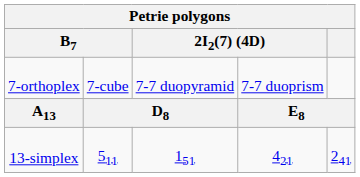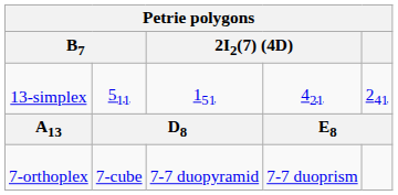 <table class="wikitable collapsible collapsed">
 <tr>
 <th colspan=5>Petrie polygons</th>
 </tr>
 <tr>
 <th colspan=2>B<sub>7</sub></th>
 <th colspan=2>2I<sub>2</sub>(7) (4D)</th>
 <th></th>
 </tr>
 <tr align=center valign=center>
-<td><br><a href='#'>7-orthoplex</a></td>
-<td><br><a href='#'>7-cube</a></td>
-<td><br><a href='#'>7-7 duopyramid</a></td>
-<td><br><a href='#'>7-7 duoprism</a></td>
-<td></td>
+<td><br><a href='#'>13-simplex</a></td>
+<td><br><a href='#'>5<sub>11</sub></a></td>
+<td><br><a href='#'>1<sub>51</sub></a></td>
+<td><br><a href='#'>4<sub>21</sub></a></td>
+<td><br><a href='#'>2<sub>41</sub></a></td>
 </tr>
 <tr>
 <th>A<sub>13</sub></th>
 <th colspan=2>D<sub>8</sub></th>
 <th colspan=2>E<sub>8</sub></th>
 </tr>
 <tr align=center valign=center>
-<td><br><a href='#'>13-simplex</a></td>
-<td><br><a href='#'>5<sub>11</sub></a></td>
-<td><br><a href='#'>1<sub>51</sub></a></td>
-<td><br><a href='#'>4<sub>21</sub></a></td>
-<td><br><a href='#'>2<sub>41</sub></a></td>
+<td><br><a href='#'>7-orthoplex</a></td>
+<td><br><a href='#'>7-cube</a></td>
+<td><br><a href='#'>7-7 duopyramid</a></td>
+<td><br><a href='#'>7-7 duoprism</a></td>
+<td></td>
 </tr>
 </table>
